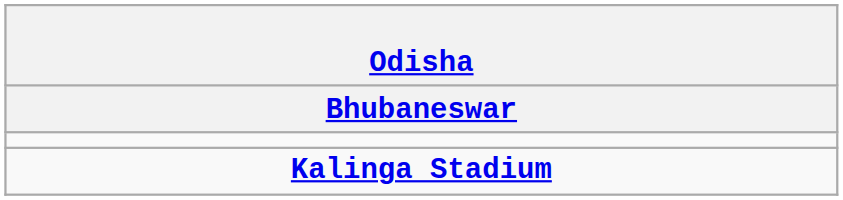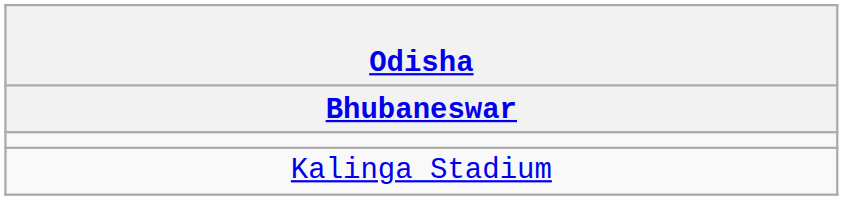 <table class="wikitable" style="text-align:center;margin:0 auto">
 <tr>
 <th colspan="4"> <br><a href='#'>Odisha</a></th>
 </tr>
 <tr>
 <th style="width:33%"><a href='#'>Bhubaneswar</a></th>
 </tr>
 <tr>
 <td></td>
 </tr>
 <tr>
-<td><strong><a href='#'>Kalinga Stadium</a></strong></td>
+<td><a href='#'>Kalinga Stadium</a></td>
 </tr>
 </table>
